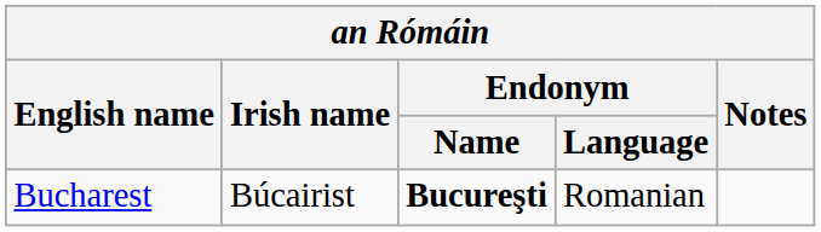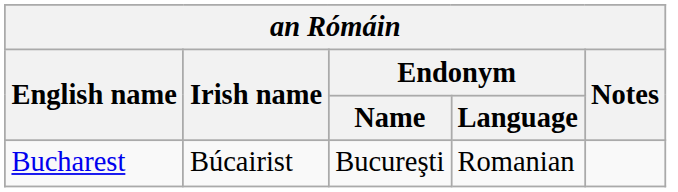 <table class="wikitable sortable">
 <tr>
 <th colspan="5"> <em>an Rómáin</em></th>
 </tr>
 <tr>
 <th rowspan="2">English name</th>
 <th rowspan="2">Irish name</th>
 <th colspan="2">Endonym</th>
 <th rowspan="2">Notes</th>
 </tr>
 <tr>
 <th>Name</th>
 <th>Language</th>
 </tr>
 <tr>
 <td><a href='#'>Bucharest</a></td>
 <td>Búcairist</td>
-<td><strong>Bucureşti</strong></td>
+<td>Bucureşti</td>
 <td>Romanian</td>
 <td></td>
 </tr>
 </table>
